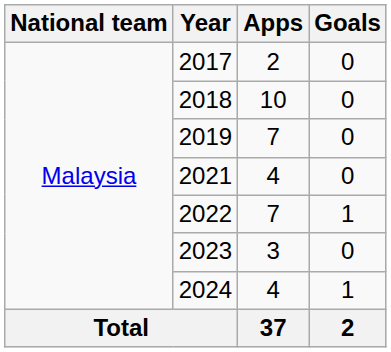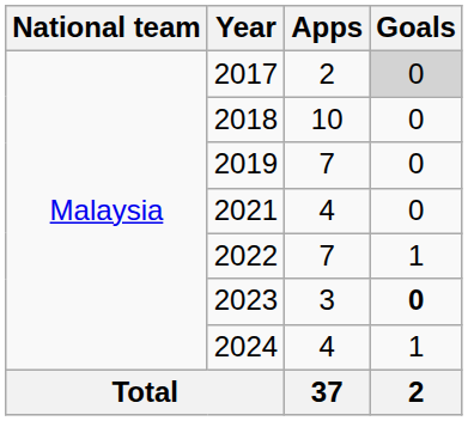 <table class=wikitable style="text-align: center;">
 <tr>
 <th>National team</th>
 <th>Year</th>
 <th>Apps</th>
 <th>Goals</th>
 </tr>
 <tr>
 <td rowspan=7><a href='#'>Malaysia</a></td>
 <td>2017</td>
 <td>2</td>
-<td>0</td>
+<td style="background: lightgrey;">0</td>
 </tr>
 <tr>
 <td>2018</td>
 <td>10</td>
 <td>0</td>
 </tr>
 <tr>
 <td>2019</td>
 <td>7</td>
 <td>0</td>
 </tr>
 <tr>
 <td>2021</td>
 <td>4</td>
 <td>0</td>
 </tr>
 <tr>
 <td>2022</td>
 <td>7</td>
 <td>1</td>
 </tr>
 <tr>
 <td>2023</td>
 <td>3</td>
-<td>0</td>
+<td><strong>0</strong></td>
 </tr>
 <tr>
 <td>2024</td>
 <td>4</td>
 <td>1</td>
 </tr>
 <tr>
 <th colspan=2>Total</th>
 <th>37</th>
 <th>2</th>
 </tr>
 </table>
